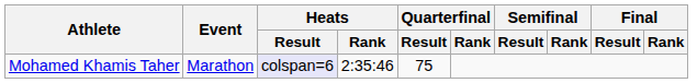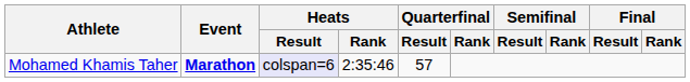 <table class="wikitable" style="font-size:90%">
 <tr>
 <th rowspan="2">Athlete</th>
 <th rowspan="2">Event</th>
 <th colspan="2">Heats</th>
 <th colspan="2">Quarterfinal</th>
 <th colspan="2">Semifinal</th>
 <th colspan="2">Final</th>
 </tr>
 <tr style="font-size:95%">
 <th>Result</th>
 <th>Rank</th>
 <th>Result</th>
 <th>Rank</th>
 <th>Result</th>
 <th>Rank</th>
 <th>Result</th>
 <th>Rank</th>
 </tr>
 <tr align=center>
 <td align=left><a href='#'>Mohamed Khamis Taher</a></td>
-<td align=left><a href='#'>Marathon</a></td>
+<td align=left><strong><a href='#'>Marathon</a></strong></td>
 <td style="background: lavender;">colspan=6</td>
 <td>2:35:46</td>
-<td>75</td>
+<td>57</td>
 </tr>
 </table>
